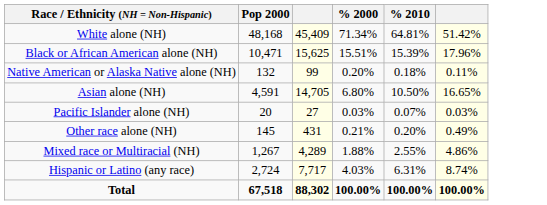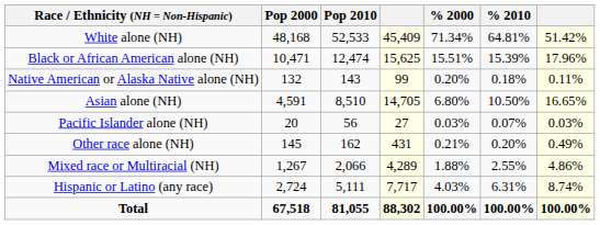 <table class="wikitable" style="text-align:center;">
 <tr>
 <th>Race / Ethnicity <small>(<em>NH = Non-Hispanic</em>)</small></th>
 <th>Pop 2000</th>
+<th>Pop 2010</th>
 <th></th>
 <th>% 2000</th>
 <th>% 2010</th>
 <th></th>
 </tr>
 <tr>
 <td><a href='#'>White</a> alone (NH)</td>
 <td>48,168</td>
+<td>52,533</td>
 <td style='background: #ffffe6;'>45,409</td>
 <td>71.34%</td>
 <td>64.81%</td>
 <td style='background: #ffffe6;'>51.42%</td>
 </tr>
 <tr>
 <td><a href='#'>Black or African American</a> alone (NH)</td>
 <td>10,471</td>
+<td>12,474</td>
 <td style='background: #ffffe6;'>15,625</td>
 <td>15.51%</td>
 <td>15.39%</td>
 <td style='background: #ffffe6;'>17.96%</td>
 </tr>
 <tr>
 <td><a href='#'>Native American</a> or <a href='#'>Alaska Native</a> alone (NH)</td>
 <td>132</td>
+<td>143</td>
 <td style='background: #ffffe6;'>99</td>
 <td>0.20%</td>
 <td>0.18%</td>
 <td style='background: #ffffe6;'>0.11%</td>
 </tr>
 <tr>
 <td><a href='#'>Asian</a> alone (NH)</td>
 <td>4,591</td>
+<td>8,510</td>
 <td style='background: #ffffe6;'>14,705</td>
 <td>6.80%</td>
 <td>10.50%</td>
 <td style='background: #ffffe6;'>16.65%</td>
 </tr>
 <tr>
 <td><a href='#'>Pacific Islander</a> alone (NH)</td>
 <td>20</td>
+<td>56</td>
 <td style='background: #ffffe6;'>27</td>
 <td>0.03%</td>
 <td>0.07%</td>
 <td style='background: #ffffe6;'>0.03%</td>
 </tr>
 <tr>
 <td><a href='#'>Other race</a> alone (NH)</td>
 <td>145</td>
+<td>162</td>
 <td style='background: #ffffe6;'>431</td>
 <td>0.21%</td>
 <td>0.20%</td>
 <td style='background: #ffffe6;'>0.49%</td>
 </tr>
 <tr>
 <td><a href='#'>Mixed race or Multiracial</a> (NH)</td>
 <td>1,267</td>
+<td>2,066</td>
 <td style='background: #ffffe6;'>4,289</td>
 <td>1.88%</td>
 <td>2.55%</td>
 <td style='background: #ffffe6;'>4.86%</td>
 </tr>
 <tr>
 <td><a href='#'>Hispanic or Latino</a> (any race)</td>
 <td>2,724</td>
+<td>5,111</td>
 <td style='background: #ffffe6;'>7,717</td>
 <td>4.03%</td>
 <td>6.31%</td>
 <td style='background: #ffffe6;'>8.74%</td>
 </tr>
 <tr>
 <td><strong>Total</strong></td>
 <td><strong>67,518</strong></td>
+<td><strong>81,055</strong></td>
 <td style='background: #ffffe6;'><strong>88,302</strong></td>
 <td><strong>100.00%</strong></td>
 <td><strong>100.00%</strong></td>
 <td style='background: #ffffe6;'><strong>100.00%</strong></td>
 </tr>
 </table>
